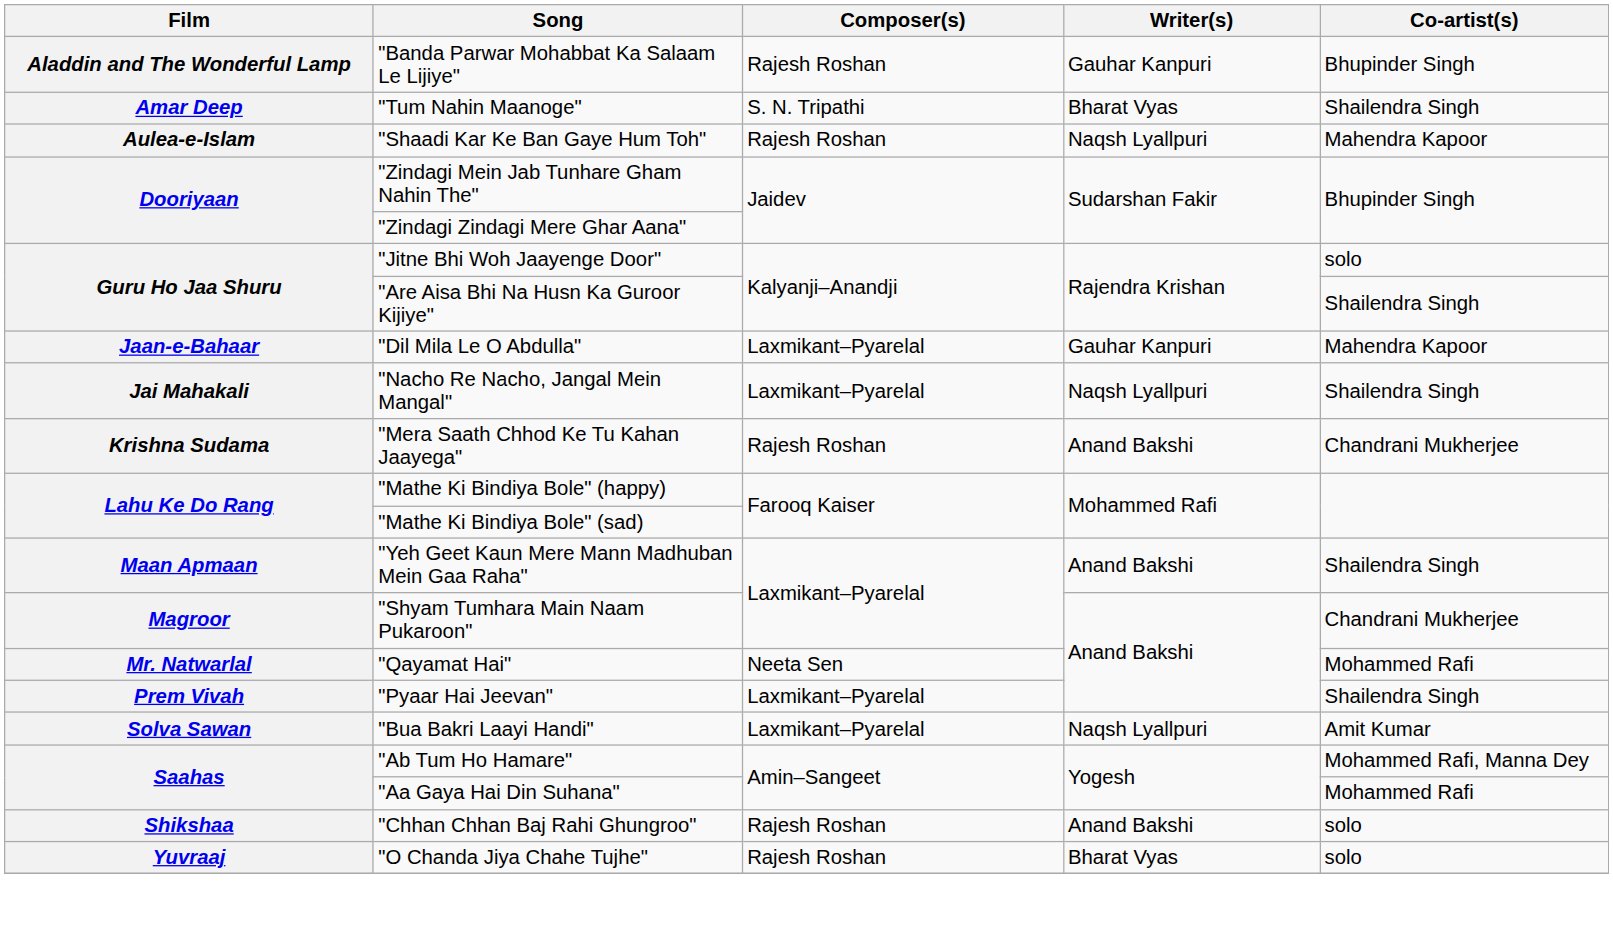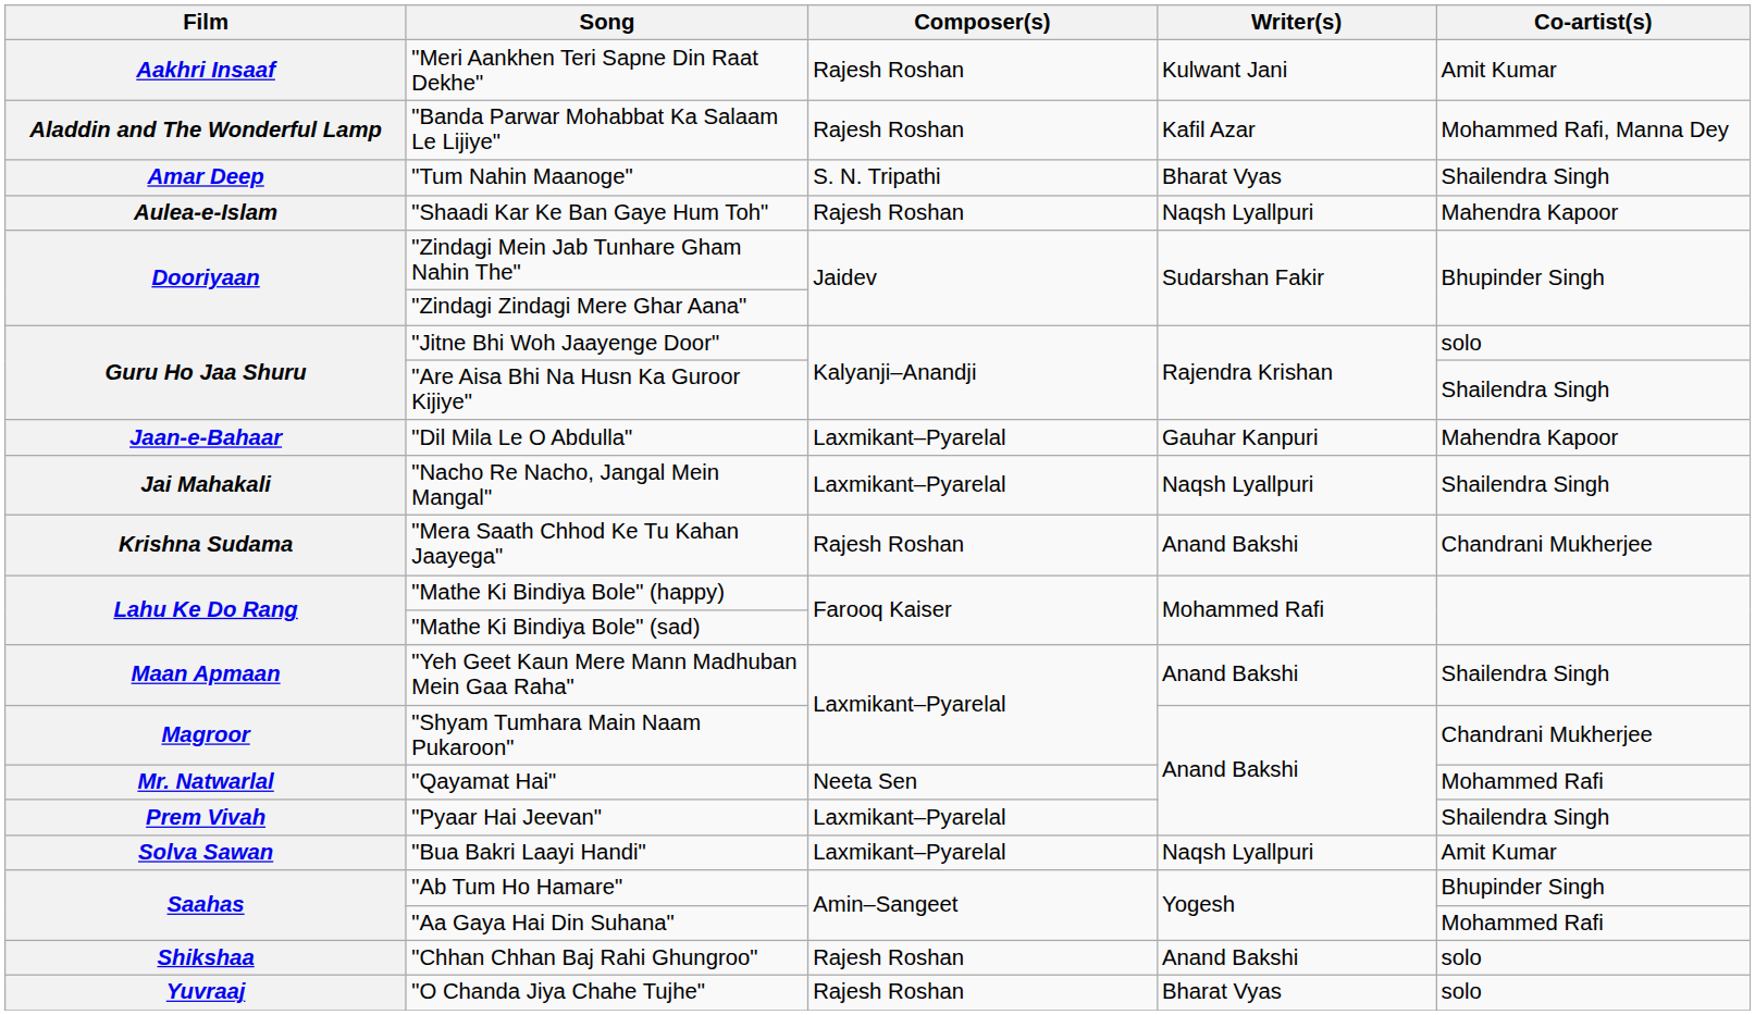 <table class="wikitable plainrowheaders" style="width:100%; textcolor:#000">
 <tr style="background:#b0e0e66;">
 <th scope="col" style="width:23%;"><strong>Film</strong></th>
 <th scope="col" style="width:23%;"><strong>Song</strong></th>
 <th scope="col" style="width:20%;"><strong>Composer(s)</strong></th>
 <th scope="col" style="width:16%;"><strong>Writer(s)</strong></th>
 <th scope="col" style="width:18%;"><strong>Co-artist(s)</strong></th>
 </tr>
 <tr>
+<th><em><a href='#'>Aakhri Insaaf</a></em></th>
+<td>"Meri Aankhen Teri Sapne Din Raat Dekhe"</td>
+<td>Rajesh Roshan</td>
+<td>Kulwant Jani</td>
+<td>Amit Kumar</td>
+</tr>
+<tr>
 <th><em>Aladdin and The Wonderful Lamp</em></th>
 <td>"Banda Parwar Mohabbat Ka Salaam Le Lijiye"</td>
 <td>Rajesh Roshan</td>
-<td>Gauhar Kanpuri</td>
-<td>Bhupinder Singh</td>
+<td>Kafil Azar</td>
+<td>Mohammed Rafi, Manna Dey</td>
 </tr>
 <tr>
 <th><em><a href='#'>Amar Deep</a></em></th>
 <td>"Tum Nahin Maanoge"</td>
 <td>S. N. Tripathi</td>
 <td>Bharat Vyas</td>
 <td>Shailendra Singh</td>
 </tr>
 <tr>
 <th><em>Aulea-e-Islam</em></th>
 <td>"Shaadi Kar Ke Ban Gaye Hum Toh"</td>
 <td>Rajesh Roshan</td>
 <td>Naqsh Lyallpuri</td>
 <td>Mahendra Kapoor</td>
 </tr>
 <tr>
 <th Rowspan=2><em><a href='#'>Dooriyaan</a></em></th>
 <td>"Zindagi Mein Jab Tunhare Gham Nahin The"</td>
 <td rowspan=2>Jaidev</td>
 <td Rowspan=2>Sudarshan Fakir</td>
 <td rowspan=2>Bhupinder Singh</td>
 </tr>
 <tr>
 <td>"Zindagi Zindagi Mere Ghar Aana"</td>
 </tr>
 <tr>
 <th Rowspan=2><em>Guru Ho Jaa Shuru</em></th>
 <td>"Jitne Bhi Woh Jaayenge Door"</td>
 <td rowspan=2>Kalyanji–Anandji</td>
 <td rowspan=2>Rajendra Krishan</td>
 <td>solo</td>
 </tr>
 <tr>
 <td>"Are Aisa Bhi Na Husn Ka Guroor Kijiye"</td>
 <td>Shailendra Singh</td>
 </tr>
 <tr>
 <th><em><a href='#'>Jaan-e-Bahaar</a></em></th>
 <td>"Dil Mila Le O Abdulla"</td>
 <td>Laxmikant–Pyarelal</td>
 <td>Gauhar Kanpuri</td>
 <td>Mahendra Kapoor</td>
 </tr>
 <tr>
 <th><em>Jai Mahakali</em></th>
 <td>"Nacho Re Nacho, Jangal Mein Mangal"</td>
 <td>Laxmikant–Pyarelal</td>
 <td>Naqsh Lyallpuri</td>
 <td>Shailendra Singh</td>
 </tr>
 <tr>
 <th><em>Krishna Sudama</em></th>
 <td>"Mera Saath Chhod Ke Tu Kahan Jaayega"</td>
 <td>Rajesh Roshan</td>
 <td>Anand Bakshi</td>
 <td>Chandrani Mukherjee</td>
 </tr>
 <tr>
 <th rowspan=2><em><a href='#'>Lahu Ke Do Rang</a></em></th>
 <td>"Mathe Ki Bindiya Bole" (happy)</td>
 <td Rowspan=2>Farooq Kaiser</td>
 <td rowspan=2>Mohammed Rafi</td>
 </tr>
 <tr>
 <td>"Mathe Ki Bindiya Bole" (sad)</td>
 </tr>
 <tr>
 <th><em><a href='#'>Maan Apmaan</a></em></th>
 <td>"Yeh Geet Kaun Mere Mann Madhuban Mein Gaa Raha"</td>
 <td rowspan=2>Laxmikant–Pyarelal</td>
 <td>Anand Bakshi</td>
 <td>Shailendra Singh</td>
 </tr>
 <tr>
 <th><em><a href='#'>Magroor</a></em></th>
 <td>"Shyam Tumhara Main Naam Pukaroon"</td>
 <td rowspan=3>Anand Bakshi</td>
 <td>Chandrani Mukherjee</td>
 </tr>
 <tr>
 <th><em><a href='#'>Mr. Natwarlal</a></em></th>
 <td>"Qayamat Hai"</td>
 <td>Neeta Sen</td>
 <td>Mohammed Rafi</td>
 </tr>
 <tr>
 <th><em><a href='#'>Prem Vivah</a></em></th>
 <td>"Pyaar Hai Jeevan"</td>
 <td>Laxmikant–Pyarelal</td>
 <td>Shailendra Singh</td>
 </tr>
 <tr>
 <th><em><a href='#'>Solva Sawan</a></em></th>
 <td>"Bua Bakri Laayi Handi"</td>
 <td>Laxmikant–Pyarelal</td>
 <td>Naqsh Lyallpuri</td>
 <td>Amit Kumar</td>
 </tr>
 <tr>
 <th Rowspan=2><em><a href='#'>Saahas</a></em></th>
 <td>"Ab Tum Ho Hamare"</td>
 <td rowspan=2>Amin–Sangeet</td>
 <td Rowspan=2>Yogesh</td>
-<td>Mohammed Rafi, Manna Dey</td>
+<td>Bhupinder Singh</td>
 </tr>
 <tr>
 <td>"Aa Gaya Hai Din Suhana"</td>
 <td>Mohammed Rafi</td>
 </tr>
 <tr>
 <th><em><a href='#'>Shikshaa</a></em></th>
 <td>"Chhan Chhan Baj Rahi Ghungroo"</td>
 <td>Rajesh Roshan</td>
 <td>Anand Bakshi</td>
 <td>solo</td>
 </tr>
 <tr>
 <th><em><a href='#'>Yuvraaj</a></em></th>
 <td>"O Chanda Jiya Chahe Tujhe"</td>
 <td>Rajesh Roshan</td>
 <td>Bharat Vyas</td>
 <td>solo</td>
 </tr>
 <tr>
 </tr>
 </table>
